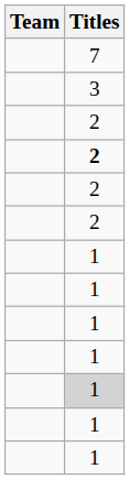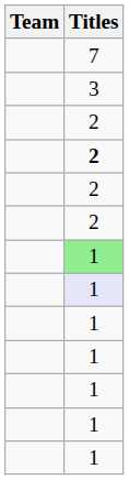 <table class="wikitable sortable" style="text-align:center">
 <tr>
 <th>Team</th>
 <th>Titles</th>
 </tr>
 <tr>
 <td style=><em></em></td>
 <td>7</td>
 </tr>
 <tr>
 <td style=><em></em></td>
 <td>3</td>
 </tr>
 <tr>
 <td style=><em></em></td>
 <td>2</td>
 </tr>
 <tr>
 <td style=><em></em></td>
 <td><strong>2</strong></td>
 </tr>
 <tr>
 <td style=><em></em></td>
 <td>2</td>
 </tr>
 <tr>
 <td style=><em></em></td>
 <td>2</td>
 </tr>
 <tr>
 <td style=><em></em></td>
+<td style="background: lightgreen;">1</td>
+</tr>
+<tr>
+<td style=><em></em></td>
+<td style="background: lavender;">1</td>
+</tr>
+<tr>
+<td style=><em></em></td>
 <td>1</td>
 </tr>
 <tr>
 <td style=><em></em></td>
 <td>1</td>
 </tr>
 <tr>
 <td style=><em></em></td>
 <td>1</td>
 </tr>
 <tr>
 <td style=><em></em></td>
 <td>1</td>
 </tr>
 <tr>
 <td style=><em></em></td>
-<td style="background: lightgrey;">1</td>
-</tr>
-<tr>
-<td style=><em></em></td>
-<td>1</td>
-</tr>
-<tr>
-<td style=><em></em></td>
 <td>1</td>
 </tr>
 </table>
